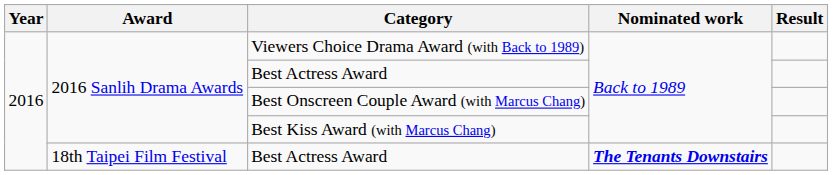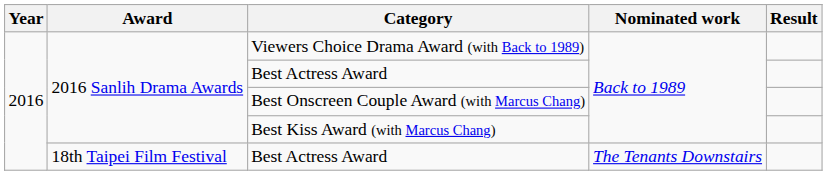 <table class="wikitable sortable">
 <tr>
 <th>Year</th>
 <th>Award</th>
 <th>Category</th>
 <th>Nominated work</th>
 <th>Result</th>
 </tr>
 <tr align=left>
 <td rowspan=5>2016</td>
 <td rowspan="4">2016 <a href='#'>Sanlih Drama Awards</a></td>
 <td>Viewers Choice Drama Award <small>(with <a href='#'>Back to 1989</a>)</small></td>
 <td rowspan="4"><em><a href='#'>Back to 1989</a></em></td>
 <td></td>
 </tr>
 <tr>
 <td>Best Actress Award</td>
 <td></td>
 </tr>
 <tr>
 <td>Best Onscreen Couple Award <small>(with <a href='#'>Marcus Chang</a>)</small></td>
 <td></td>
 </tr>
 <tr>
 <td>Best Kiss Award <small>(with <a href='#'>Marcus Chang</a>)</small></td>
 <td></td>
 </tr>
 <tr>
 <td>18th <a href='#'>Taipei Film Festival</a></td>
 <td>Best Actress Award</td>
-<td><strong><em><a href='#'>The Tenants Downstairs</a></em></strong></td>
+<td><em><a href='#'>The Tenants Downstairs</a></em></td>
 <td></td>
 </tr>
 </table>
